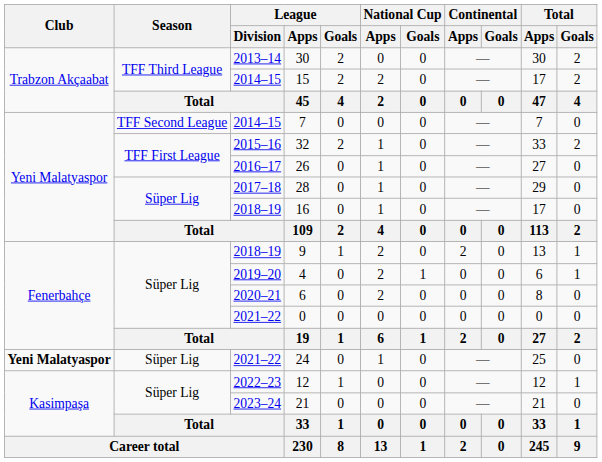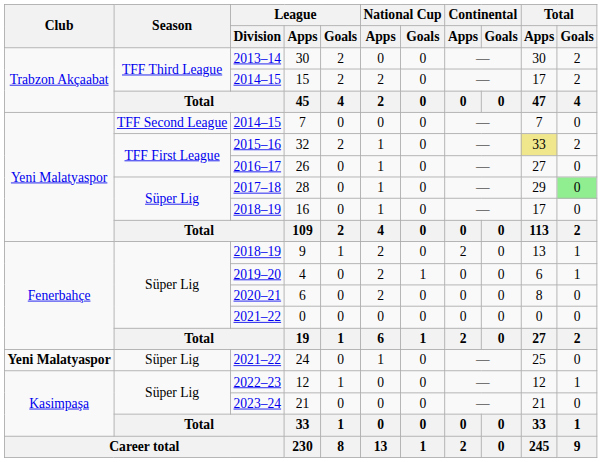 <table class="wikitable", style="text-align:center">
 <tr>
 <th rowspan="2">Club</th>
 <th rowspan="2">Season</th>
 <th colspan="3">League</th>
 <th colspan="2">National Cup</th>
 <th colspan="2">Continental</th>
 <th colspan="2">Total</th>
 </tr>
 <tr>
 <th>Division</th>
 <th>Apps</th>
 <th>Goals</th>
 <th>Apps</th>
 <th>Goals</th>
 <th>Apps</th>
 <th>Goals</th>
 <th>Apps</th>
 <th>Goals</th>
 </tr>
 <tr>
 <td rowspan="3"><a href='#'>Trabzon Akçaabat</a></td>
 <td rowspan="2"><a href='#'>TFF Third League</a></td>
 <td><a href='#'>2013–14</a></td>
 <td>30</td>
 <td>2</td>
 <td>0</td>
 <td>0</td>
 <td colspan="2">—</td>
 <td>30</td>
 <td>2</td>
 </tr>
 <tr>
 <td><a href='#'>2014–15</a></td>
 <td>15</td>
 <td>2</td>
 <td>2</td>
 <td>0</td>
 <td colspan="2">—</td>
 <td>17</td>
 <td>2</td>
 </tr>
 <tr>
 <th colspan="2">Total</th>
 <th>45</th>
 <th>4</th>
 <th>2</th>
 <th>0</th>
 <th>0</th>
 <th>0</th>
 <th>47</th>
 <th>4</th>
 </tr>
 <tr>
 <td rowspan="6"><a href='#'>Yeni Malatyaspor</a></td>
 <td><a href='#'>TFF Second League</a></td>
 <td><a href='#'>2014–15</a></td>
 <td>7</td>
 <td>0</td>
 <td>0</td>
 <td>0</td>
 <td colspan="2">—</td>
 <td>7</td>
 <td>0</td>
 </tr>
 <tr>
 <td rowspan="2"><a href='#'>TFF First League</a></td>
 <td><a href='#'>2015–16</a></td>
 <td>32</td>
 <td>2</td>
 <td>1</td>
 <td>0</td>
 <td colspan="2">—</td>
-<td>33</td>
+<td style="background: khaki;">33</td>
 <td>2</td>
 </tr>
 <tr>
 <td><a href='#'>2016–17</a></td>
 <td>26</td>
 <td>0</td>
 <td>1</td>
 <td>0</td>
 <td colspan="2">—</td>
 <td>27</td>
 <td>0</td>
 </tr>
 <tr>
 <td rowspan="2"><a href='#'>Süper Lig</a></td>
 <td><a href='#'>2017–18</a></td>
 <td>28</td>
 <td>0</td>
 <td>1</td>
 <td>0</td>
 <td colspan="2">—</td>
 <td>29</td>
-<td>0</td>
+<td style="background: lightgreen;">0</td>
 </tr>
 <tr>
 <td><a href='#'>2018–19</a></td>
 <td>16</td>
 <td>0</td>
 <td>1</td>
 <td>0</td>
 <td colspan="2">—</td>
 <td>17</td>
 <td>0</td>
 </tr>
 <tr>
 <th colspan="2">Total</th>
 <th>109</th>
 <th>2</th>
 <th>4</th>
 <th>0</th>
 <th>0</th>
 <th>0</th>
 <th>113</th>
 <th>2</th>
 </tr>
 <tr>
 <td rowspan="5"><a href='#'>Fenerbahçe</a></td>
 <td rowspan="4">Süper Lig</td>
 <td><a href='#'>2018–19</a></td>
 <td>9</td>
 <td>1</td>
 <td>2</td>
 <td>0</td>
 <td>2</td>
 <td>0</td>
 <td>13</td>
 <td>1</td>
 </tr>
 <tr>
 <td><a href='#'>2019–20</a></td>
 <td>4</td>
 <td>0</td>
 <td>2</td>
 <td>1</td>
 <td>0</td>
 <td>0</td>
 <td>6</td>
 <td>1</td>
 </tr>
 <tr>
 <td><a href='#'>2020–21</a></td>
 <td>6</td>
 <td>0</td>
 <td>2</td>
 <td>0</td>
 <td>0</td>
 <td>0</td>
 <td>8</td>
 <td>0</td>
 </tr>
 <tr>
 <td><a href='#'>2021–22</a></td>
 <td>0</td>
 <td>0</td>
 <td>0</td>
 <td>0</td>
 <td>0</td>
 <td>0</td>
 <td>0</td>
 <td>0</td>
 </tr>
 <tr>
 <th colspan="2">Total</th>
 <th>19</th>
 <th>1</th>
 <th>6</th>
 <th>1</th>
 <th>2</th>
 <th>0</th>
 <th>27</th>
 <th>2</th>
 </tr>
 <tr>
 <td><strong>Yeni Malatyaspor</strong></td>
 <td>Süper Lig</td>
 <td><a href='#'>2021–22</a></td>
 <td>24</td>
 <td>0</td>
 <td>1</td>
 <td>0</td>
 <td colspan="2">—</td>
 <td>25</td>
 <td>0</td>
 </tr>
 <tr>
 <td rowspan="3"><a href='#'>Kasimpaşa</a></td>
 <td rowspan="2">Süper Lig</td>
 <td><a href='#'>2022–23</a></td>
 <td>12</td>
 <td>1</td>
 <td>0</td>
 <td>0</td>
 <td colspan="2">—</td>
 <td>12</td>
 <td>1</td>
 </tr>
 <tr>
 <td><a href='#'>2023–24</a></td>
 <td>21</td>
 <td>0</td>
 <td>0</td>
 <td>0</td>
 <td colspan="2">—</td>
 <td>21</td>
 <td>0</td>
 </tr>
 <tr>
 <th colspan="2">Total</th>
 <th>33</th>
 <th>1</th>
 <th>0</th>
 <th>0</th>
 <th>0</th>
 <th>0</th>
 <th>33</th>
 <th>1</th>
 </tr>
 <tr>
 <th colspan="3">Career total</th>
 <th>230</th>
 <th>8</th>
 <th>13</th>
 <th>1</th>
 <th>2</th>
 <th>0</th>
 <th>245</th>
 <th>9</th>
 </tr>
 </table>
